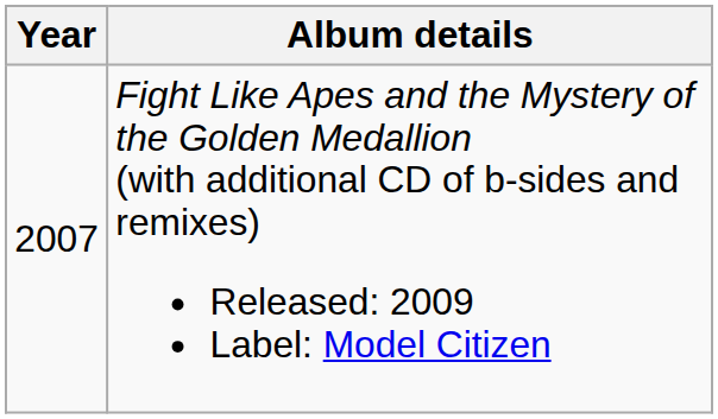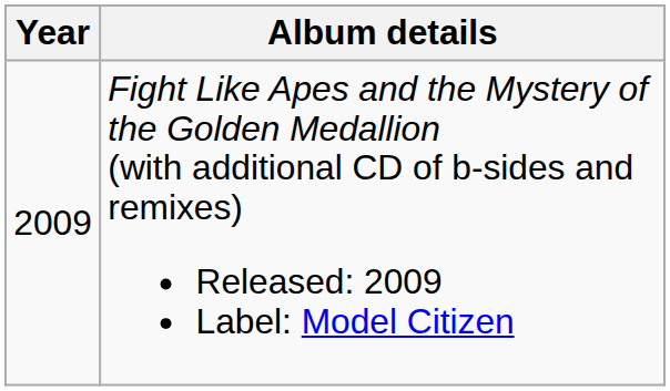 <table class="wikitable">
 <tr>
 <th>Year</th>
 <th style="width:250px;">Album details</th>
 </tr>
 <tr>
-<td>2007</td>
+<td>2009</td>
 <td><em>Fight Like Apes and the Mystery of the Golden Medallion</em><br>(with additional CD of b-sides and remixes)<br><ul><li>Released: 2009</li><li>Label: <a href='#'>Model Citizen</a></li></ul></td>
 </tr>
 </table>
